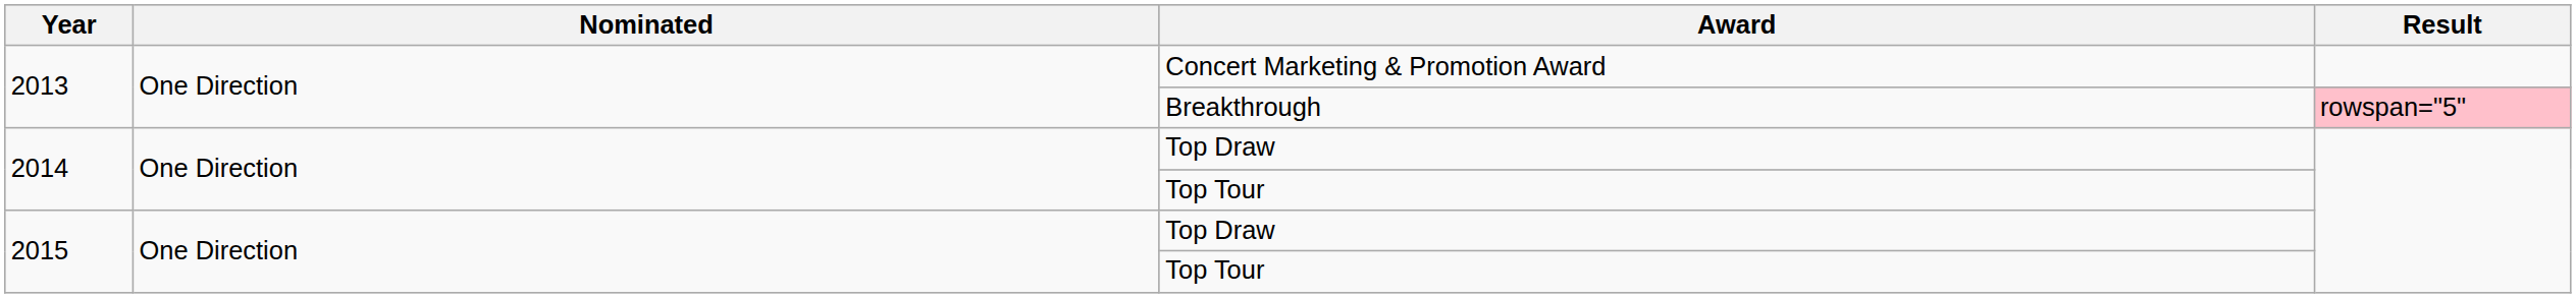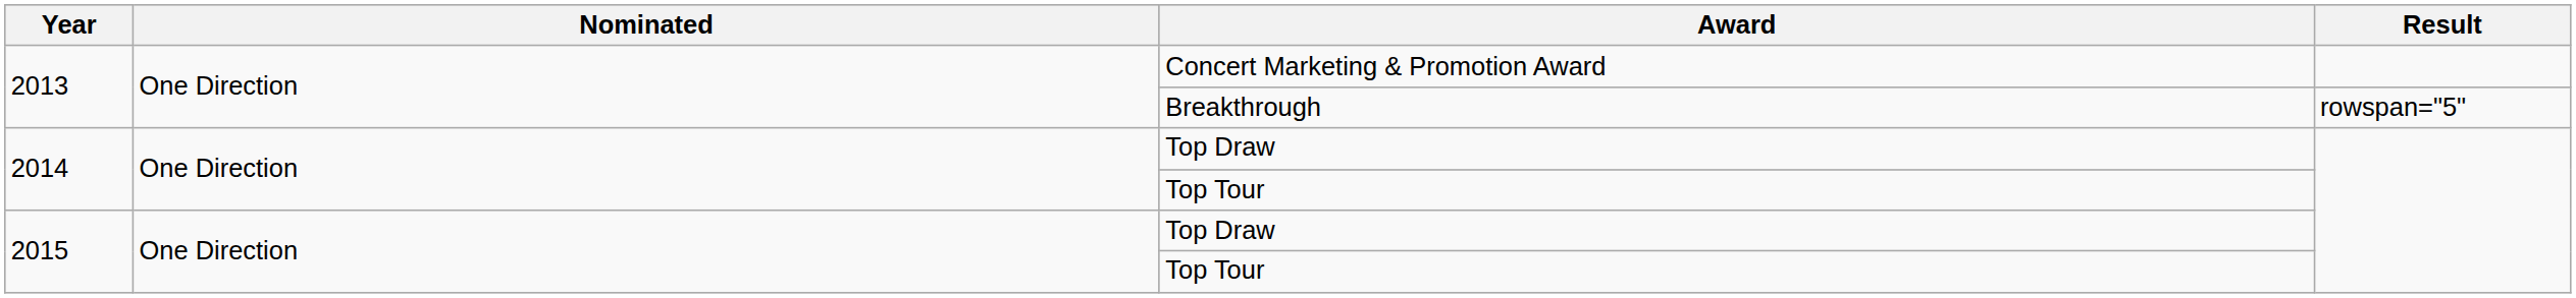 <table class="wikitable" style="width:100%;">
 <tr>
 <th width=5%>Year</th>
 <th style="width:40%;">Nominated</th>
 <th style="width:45%;">Award</th>
 <th style="width:10%;">Result</th>
 </tr>
 <tr>
 <td rowspan="2">2013</td>
 <td rowspan="2">One Direction</td>
 <td>Concert Marketing & Promotion Award</td>
 <td></td>
 </tr>
 <tr>
 <td>Breakthrough</td>
-<td style="background: pink;">rowspan="5" </td>
+<td>rowspan="5" </td>
 </tr>
 <tr>
 <td rowspan="2">2014</td>
 <td rowspan="2">One Direction</td>
 <td>Top Draw</td>
 </tr>
 <tr>
 <td>Top Tour</td>
 </tr>
 <tr>
 <td rowspan="2">2015</td>
 <td rowspan="2">One Direction</td>
 <td>Top Draw</td>
 </tr>
 <tr>
 <td>Top Tour</td>
 </tr>
 </table>
